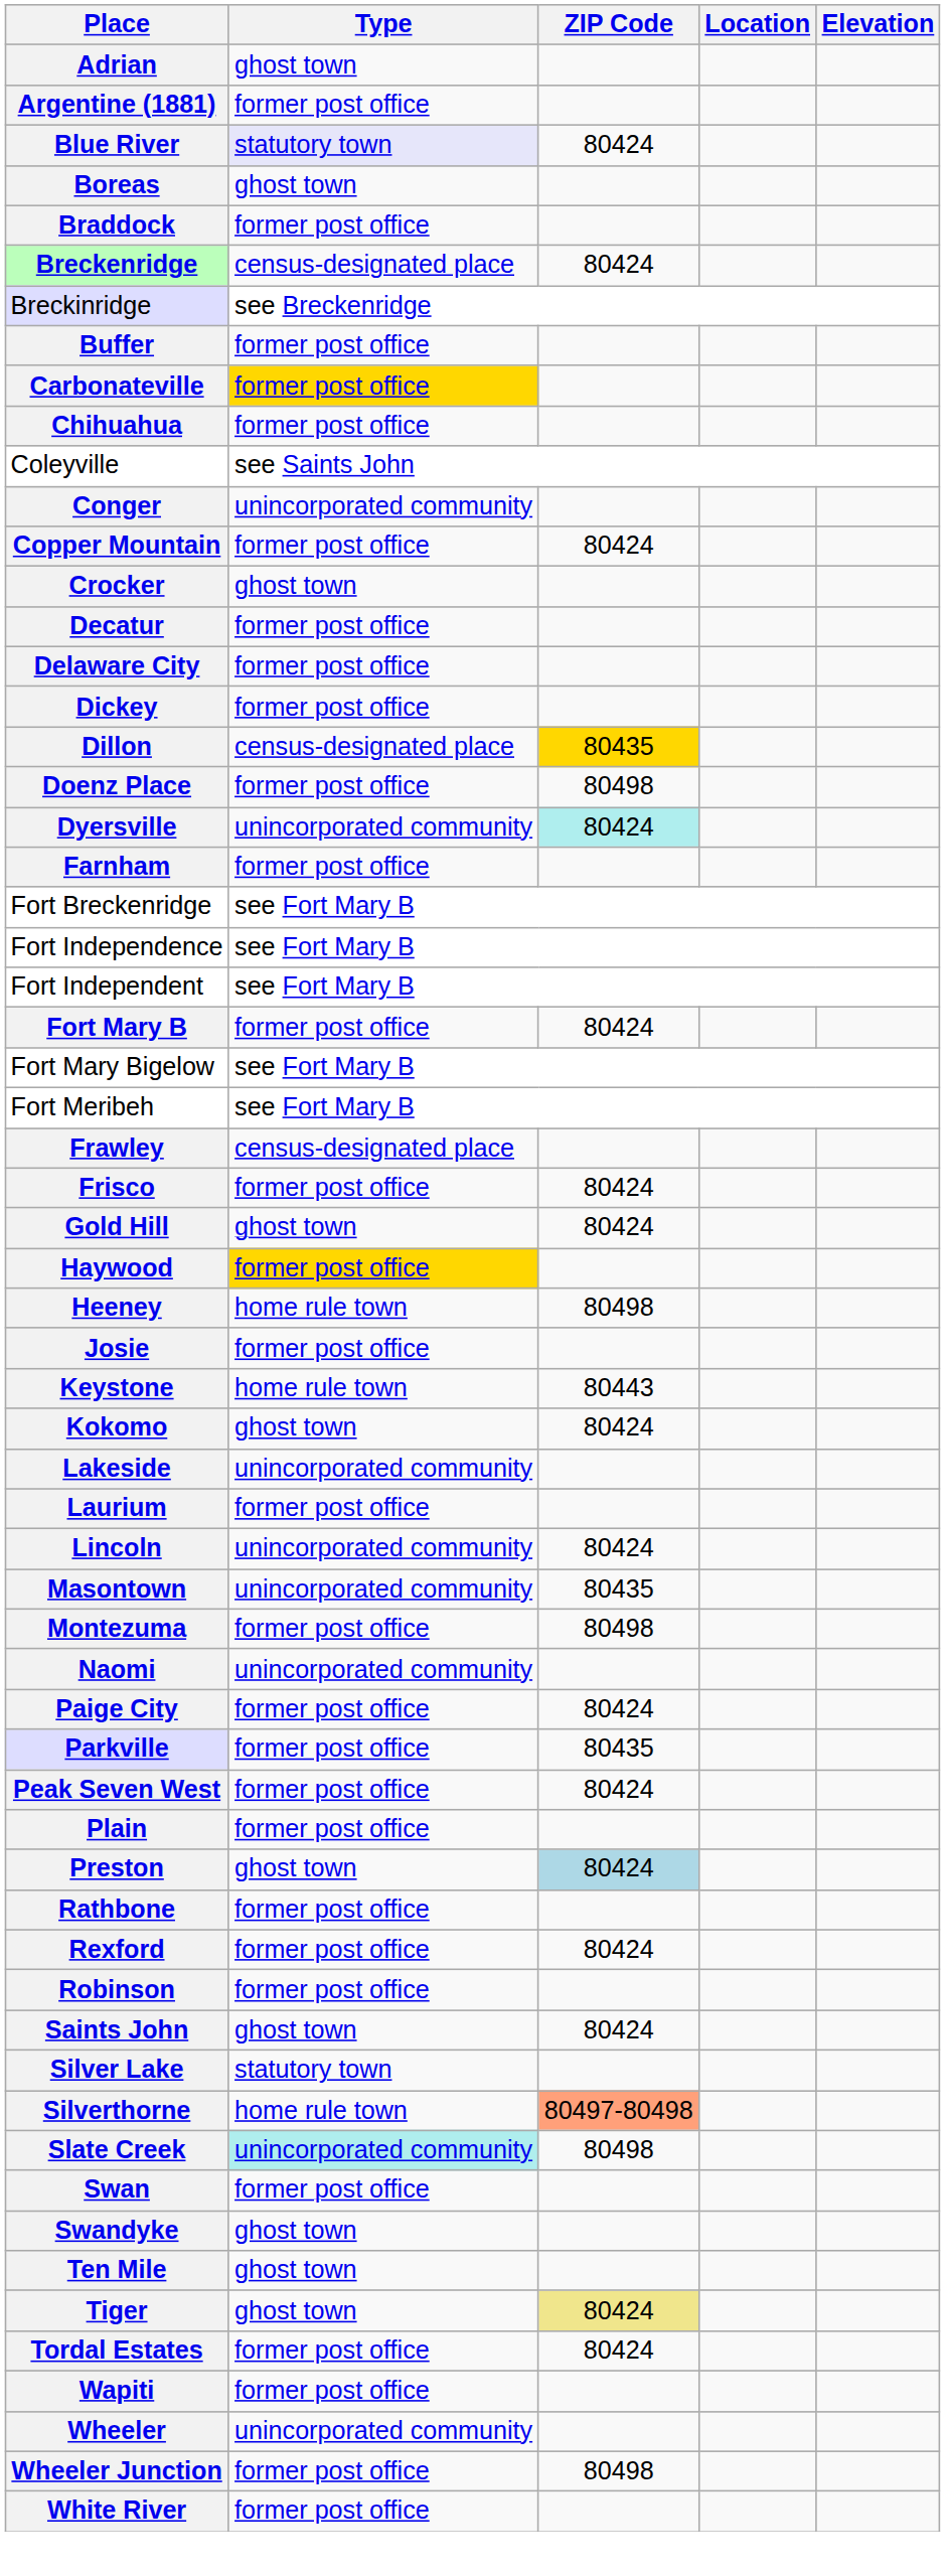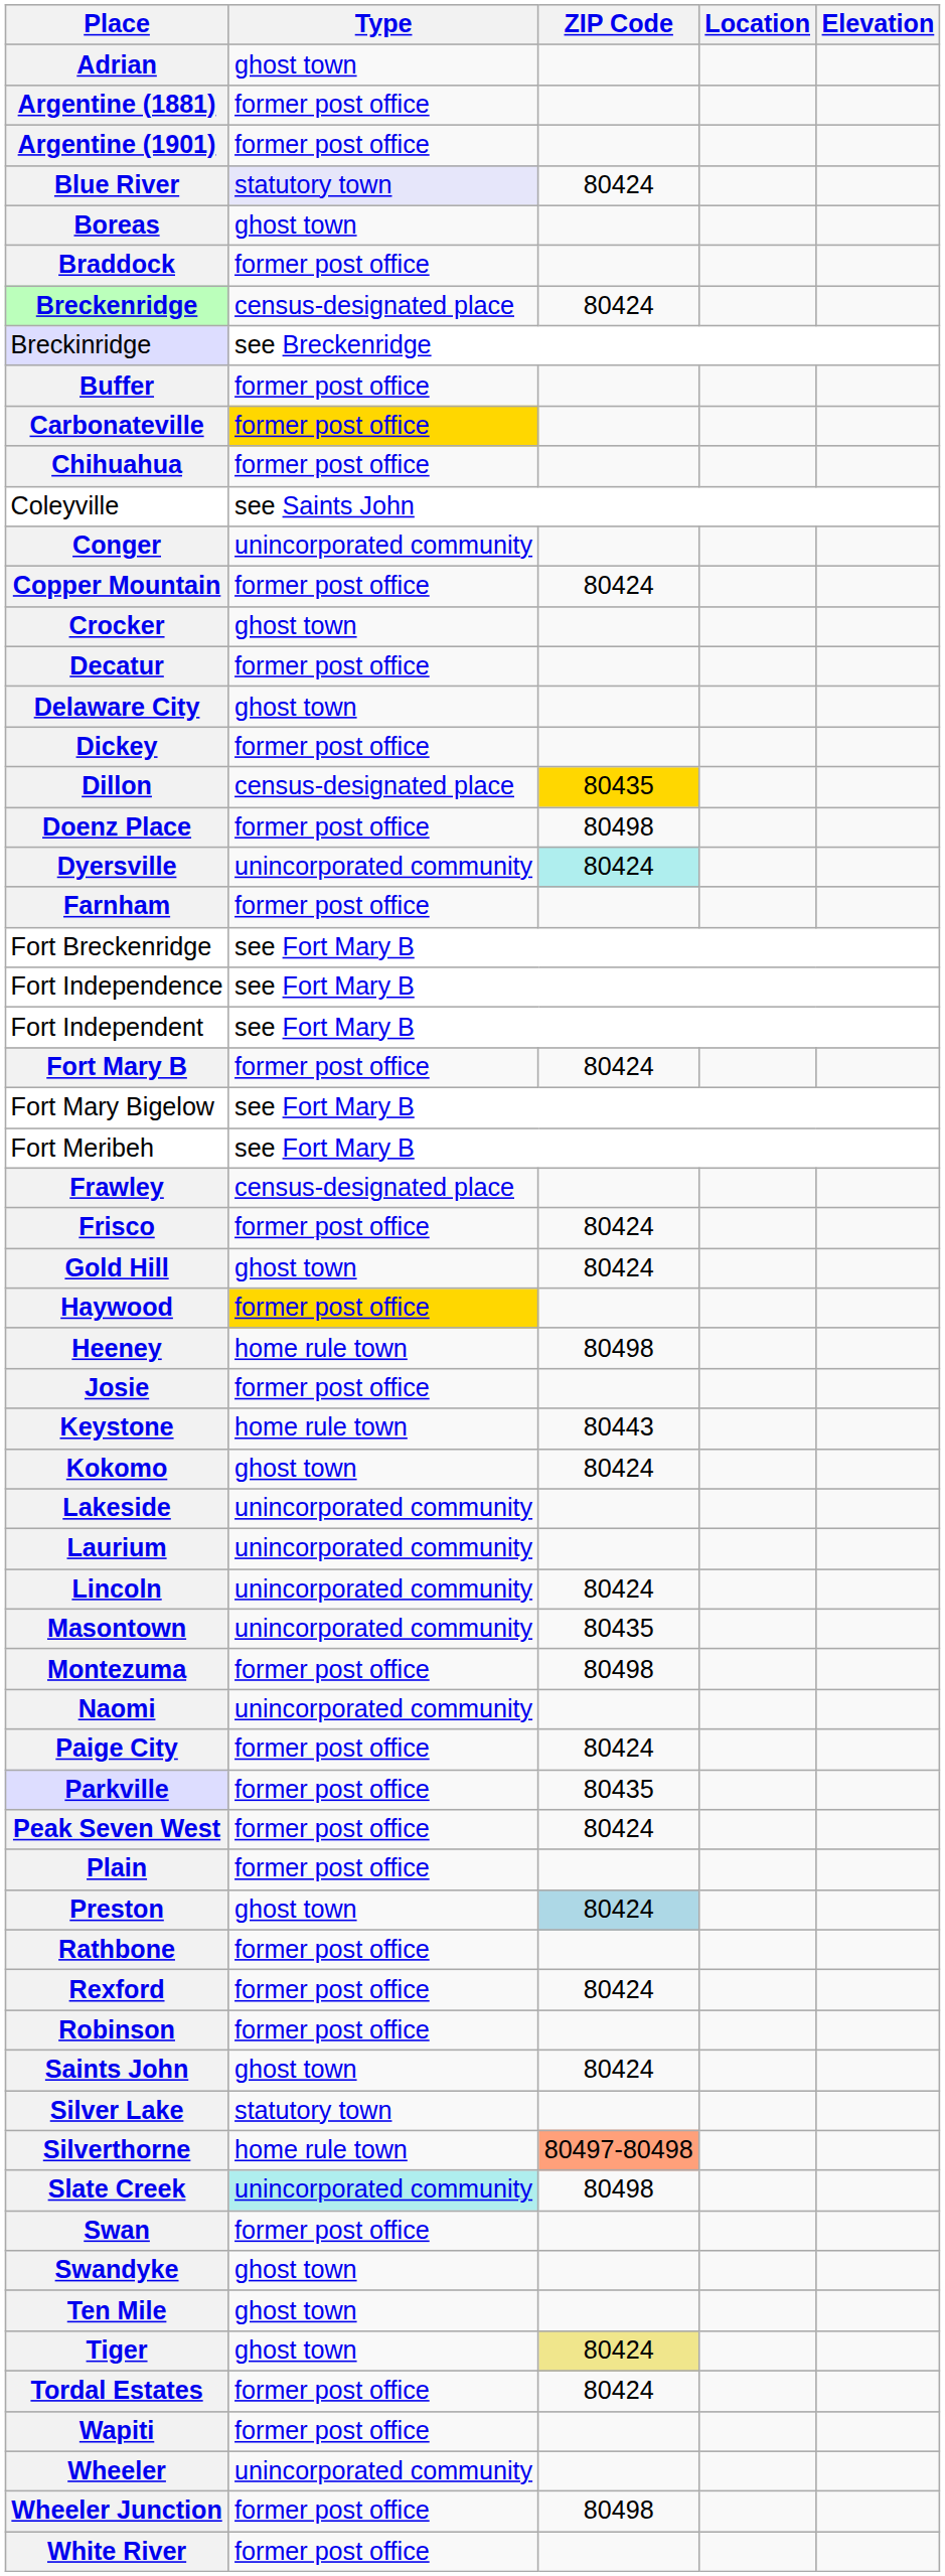 <table class="wikitable sortable  plainrowheaders" style="margin:auto;">
 <tr>
 <th scope=col><a href='#'>Place</a></th>
 <th scope=col><a href='#'>Type</a></th>
 <th scope=col><a href='#'>ZIP Code</a></th>
 <th scope=col><a href='#'>Location</a></th>
 <th scope=col><a href='#'>Elevation</a></th>
 </tr>
 <tr>
 <th scope=row><a href='#'>Adrian</a></th>
 <td><a href='#'>ghost town</a></td>
 <td align=center></td>
 <td></td>
 <td></td>
 </tr>
 <tr>
 <th scope=row><a href='#'>Argentine (1881)</a></th>
+<td><a href='#'>former post office</a></td>
+<td align=center></td>
+<td></td>
+<td></td>
+</tr>
+<tr>
+<th scope=row><a href='#'>Argentine (1901)</a></th>
 <td><a href='#'>former post office</a></td>
 <td align=center></td>
 <td></td>
 <td></td>
 </tr>
 <tr>
 <th scope=row><a href='#'>Blue River</a></th>
 <td style="background: lavender;"><a href='#'>statutory town</a></td>
 <td align=center>80424</td>
 <td></td>
 <td align=right></td>
 </tr>
 <tr>
 <th scope=row><a href='#'>Boreas</a></th>
 <td><a href='#'>ghost town</a></td>
 <td align=center></td>
 <td></td>
 <td></td>
 </tr>
 <tr>
 <th scope=row><a href='#'>Braddock</a></th>
 <td><a href='#'>former post office</a></td>
 <td align=center></td>
 <td></td>
 <td></td>
 </tr>
 <tr>
 <th scope=row style="background:#BBFFBB;"><a href='#'>Breckenridge</a></th>
 <td><a href='#'>census-designated place</a></td>
 <td align=center>80424</td>
 <td></td>
 <td align=right></td>
 </tr>
 <tr bgcolor=white>
 <td style="background:#DDDDFF;">Breckinridge</td>
 <td colspan=4>see <a href='#'>Breckenridge</a></td>
 </tr>
 <tr>
 <th scope=row><a href='#'>Buffer</a></th>
 <td><a href='#'>former post office</a></td>
 <td align=center></td>
 <td></td>
 <td></td>
 </tr>
 <tr>
 <th scope=row><a href='#'>Carbonateville</a></th>
 <td style="background: gold;"><a href='#'>former post office</a></td>
 <td align=center></td>
 <td></td>
 <td></td>
 </tr>
 <tr>
 <th scope=row><a href='#'>Chihuahua</a></th>
 <td><a href='#'>former post office</a></td>
 <td align=center></td>
 <td></td>
 <td></td>
 </tr>
 <tr bgcolor=white>
 <td>Coleyville</td>
 <td colspan=4>see <a href='#'>Saints John</a></td>
 </tr>
 <tr>
 <th scope=row><a href='#'>Conger</a></th>
 <td><a href='#'>unincorporated community</a></td>
 <td align=center></td>
 <td></td>
 <td></td>
 </tr>
 <tr>
 <th scope=row><a href='#'>Copper Mountain</a></th>
 <td><a href='#'>former post office</a></td>
 <td align=center>80424</td>
 <td></td>
 <td align=right></td>
 </tr>
 <tr>
 <th scope=row><a href='#'>Crocker</a></th>
 <td><a href='#'>ghost town</a></td>
 <td align=center></td>
 <td></td>
 <td></td>
 </tr>
 <tr>
 <th scope=row><a href='#'>Decatur</a></th>
 <td><a href='#'>former post office</a></td>
 <td align=center></td>
 <td></td>
 <td></td>
 </tr>
 <tr>
 <th scope=row><a href='#'>Delaware City</a></th>
-<td><a href='#'>former post office</a></td>
+<td><a href='#'>ghost town</a></td>
 <td align=center></td>
 <td></td>
 <td></td>
 </tr>
 <tr>
 <th scope=row><a href='#'>Dickey</a></th>
 <td><a href='#'>former post office</a></td>
 <td align=center></td>
 <td></td>
 <td></td>
 </tr>
 <tr>
 <th scope=row><a href='#'>Dillon</a></th>
 <td><a href='#'>census-designated place</a></td>
 <td align=center style="background: gold;">80435</td>
 <td></td>
 <td align=right></td>
 </tr>
 <tr>
 <th scope=row><a href='#'>Doenz Place</a></th>
 <td><a href='#'>former post office</a></td>
 <td align=center>80498</td>
 <td></td>
 <td align=right></td>
 </tr>
 <tr>
 <th scope=row><a href='#'>Dyersville</a></th>
 <td><a href='#'>unincorporated community</a></td>
 <td align=center style="background: paleturquoise;">80424</td>
 <td></td>
 <td align=right></td>
 </tr>
 <tr>
 <th scope=row><a href='#'>Farnham</a></th>
 <td><a href='#'>former post office</a></td>
 <td align=center></td>
 <td></td>
 <td></td>
 </tr>
 <tr bgcolor=white>
 <td>Fort Breckenridge</td>
 <td colspan=4>see <a href='#'>Fort Mary B</a></td>
 </tr>
 <tr bgcolor=white>
 <td>Fort Independence</td>
 <td colspan=4>see <a href='#'>Fort Mary B</a></td>
 </tr>
 <tr bgcolor=white>
 <td>Fort Independent</td>
 <td colspan=4>see <a href='#'>Fort Mary B</a></td>
 </tr>
 <tr>
 <th scope=row><a href='#'>Fort Mary B</a></th>
 <td><a href='#'>former post office</a></td>
 <td align=center>80424</td>
 <td></td>
 <td></td>
 </tr>
 <tr bgcolor=white>
 <td>Fort Mary Bigelow</td>
 <td colspan=4>see <a href='#'>Fort Mary B</a></td>
 </tr>
 <tr bgcolor=white>
 <td>Fort Meribeh</td>
 <td colspan=4>see <a href='#'>Fort Mary B</a></td>
 </tr>
 <tr>
 <th scope=row><a href='#'>Frawley</a></th>
 <td><a href='#'>census-designated place</a></td>
 <td align=center></td>
 <td></td>
 <td></td>
 </tr>
 <tr>
 <th scope=row><a href='#'>Frisco</a></th>
 <td><a href='#'>former post office</a></td>
 <td align=center>80424</td>
 <td></td>
 <td align=right></td>
 </tr>
 <tr>
 <th scope=row><a href='#'>Gold Hill</a></th>
 <td><a href='#'>ghost town</a></td>
 <td align=center>80424</td>
 <td></td>
 <td align=right></td>
 </tr>
 <tr>
 <th scope=row><a href='#'>Haywood</a></th>
 <td style="background: gold;"><a href='#'>former post office</a></td>
 <td align=center></td>
 <td></td>
 <td></td>
 </tr>
 <tr>
 <th scope=row><a href='#'>Heeney</a></th>
 <td><a href='#'>home rule town</a></td>
 <td align=center>80498</td>
 <td></td>
 <td align=right></td>
 </tr>
 <tr>
 <th scope=row><a href='#'>Josie</a></th>
 <td><a href='#'>former post office</a></td>
 <td align=center></td>
 <td></td>
 <td></td>
 </tr>
 <tr>
 <th scope=row><a href='#'>Keystone</a></th>
 <td><a href='#'>home rule town</a></td>
 <td align=center>80443</td>
 <td></td>
 <td align=right></td>
 </tr>
 <tr>
 <th scope=row><a href='#'>Kokomo</a></th>
 <td><a href='#'>ghost town</a></td>
 <td align=center>80424</td>
 <td></td>
 <td align=right></td>
 </tr>
 <tr>
 <th scope=row><a href='#'>Lakeside</a></th>
 <td><a href='#'>unincorporated community</a></td>
 <td align=center></td>
 <td></td>
 <td></td>
 </tr>
 <tr>
 <th scope=row><a href='#'>Laurium</a></th>
-<td><a href='#'>former post office</a></td>
+<td><a href='#'>unincorporated community</a></td>
 <td align=center></td>
 <td></td>
 <td></td>
 </tr>
 <tr>
 <th scope=row><a href='#'>Lincoln</a></th>
 <td><a href='#'>unincorporated community</a></td>
 <td align=center>80424</td>
 <td></td>
 <td align=right></td>
 </tr>
 <tr>
 <th scope=row><a href='#'>Masontown</a></th>
 <td><a href='#'>unincorporated community</a></td>
 <td align=center>80435</td>
 <td></td>
 <td align=right></td>
 </tr>
 <tr>
 <th scope=row><a href='#'>Montezuma</a></th>
 <td><a href='#'>former post office</a></td>
 <td align=center>80498</td>
 <td></td>
 <td align=right></td>
 </tr>
 <tr>
 <th scope=row><a href='#'>Naomi</a></th>
 <td><a href='#'>unincorporated community</a></td>
 <td align=center></td>
 <td></td>
 <td></td>
 </tr>
 <tr>
 <th scope=row><a href='#'>Paige City</a></th>
 <td><a href='#'>former post office</a></td>
 <td align=center>80424</td>
 <td></td>
 <td></td>
 </tr>
 <tr>
 <th scope=row style="background:#DDDDFF;"><a href='#'>Parkville</a></th>
 <td><a href='#'>former post office</a></td>
 <td align=center>80435</td>
 <td></td>
 <td align=right></td>
 </tr>
 <tr>
 <th scope=row><a href='#'>Peak Seven West</a></th>
 <td><a href='#'>former post office</a></td>
 <td align=center>80424</td>
 <td></td>
 <td align=right></td>
 </tr>
 <tr>
 <th scope=row><a href='#'>Plain</a></th>
 <td><a href='#'>former post office</a></td>
 <td align=center></td>
 <td></td>
 <td></td>
 </tr>
 <tr>
 <th scope=row><a href='#'>Preston</a></th>
 <td><a href='#'>ghost town</a></td>
 <td align=center style="background: lightblue;">80424</td>
 <td></td>
 <td align=right></td>
 </tr>
 <tr>
 <th scope=row><a href='#'>Rathbone</a></th>
 <td><a href='#'>former post office</a></td>
 <td align=center></td>
 <td></td>
 <td></td>
 </tr>
 <tr>
 <th scope=row><a href='#'>Rexford</a></th>
 <td><a href='#'>former post office</a></td>
 <td align=center>80424</td>
 <td></td>
 <td align=right></td>
 </tr>
 <tr>
 <th scope=row><a href='#'>Robinson</a></th>
 <td><a href='#'>former post office</a></td>
 <td align=center></td>
 <td></td>
 <td></td>
 </tr>
 <tr>
 <th scope=row><a href='#'>Saints John</a></th>
 <td><a href='#'>ghost town</a></td>
 <td align=center>80424</td>
 <td></td>
 <td align=right></td>
 </tr>
 <tr>
 <th scope=row><a href='#'>Silver Lake</a></th>
 <td><a href='#'>statutory town</a></td>
 <td align=center></td>
 <td></td>
 <td></td>
 </tr>
 <tr>
 <th scope=row><a href='#'>Silverthorne</a></th>
 <td><a href='#'>home rule town</a></td>
 <td align=center style="background: lightsalmon;">80497-80498</td>
 <td></td>
 <td align=right></td>
 </tr>
 <tr>
 <th scope=row><a href='#'>Slate Creek</a></th>
 <td style="background: paleturquoise;"><a href='#'>unincorporated community</a></td>
 <td align=center>80498</td>
 <td></td>
 <td align=right></td>
 </tr>
 <tr>
 <th scope=row><a href='#'>Swan</a></th>
 <td><a href='#'>former post office</a></td>
 <td align=center></td>
 <td></td>
 <td></td>
 </tr>
 <tr>
 <th scope=row><a href='#'>Swandyke</a></th>
 <td><a href='#'>ghost town</a></td>
 <td align=center></td>
 <td></td>
 <td></td>
 </tr>
 <tr>
 <th scope=row><a href='#'>Ten Mile</a></th>
 <td><a href='#'>ghost town</a></td>
 <td align=center></td>
 <td></td>
 <td></td>
 </tr>
 <tr>
 <th scope=row><a href='#'>Tiger</a></th>
 <td><a href='#'>ghost town</a></td>
 <td align=center style="background: khaki;">80424</td>
 <td></td>
 <td align=right></td>
 </tr>
 <tr>
 <th scope=row><a href='#'>Tordal Estates</a></th>
 <td><a href='#'>former post office</a></td>
 <td align=center>80424</td>
 <td></td>
 <td align=right></td>
 </tr>
 <tr>
 <th scope=row><a href='#'>Wapiti</a></th>
 <td><a href='#'>former post office</a></td>
 <td align=center></td>
 <td></td>
 <td></td>
 </tr>
 <tr>
 <th scope=row><a href='#'>Wheeler</a></th>
 <td><a href='#'>unincorporated community</a></td>
 <td align=center></td>
 <td></td>
 <td></td>
 </tr>
 <tr>
 <th scope=row><a href='#'>Wheeler Junction</a></th>
 <td><a href='#'>former post office</a></td>
 <td align=center>80498</td>
 <td></td>
 <td align=right></td>
 </tr>
 <tr>
 <th scope=row><a href='#'>White River</a></th>
 <td><a href='#'>former post office</a></td>
 <td align=center></td>
 <td></td>
 <td></td>
 </tr>
 </table>
